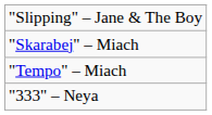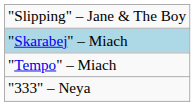 <table class="wikitable mw-collapsible mw-collapsed">
 <tr>
 <td>"Slipping" – Jane & The Boy</td>
 </tr>
 <tr>
-<td>"<a href='#'>Skarabej</a>" – Miach</td>
+<td style="background: lightblue;">"<a href='#'>Skarabej</a>" – Miach</td>
 </tr>
 <tr>
 <td>"<a href='#'>Tempo</a>" – Miach</td>
 </tr>
 <tr>
 <td>"333" – Neya</td>
 </tr>
 </table>
